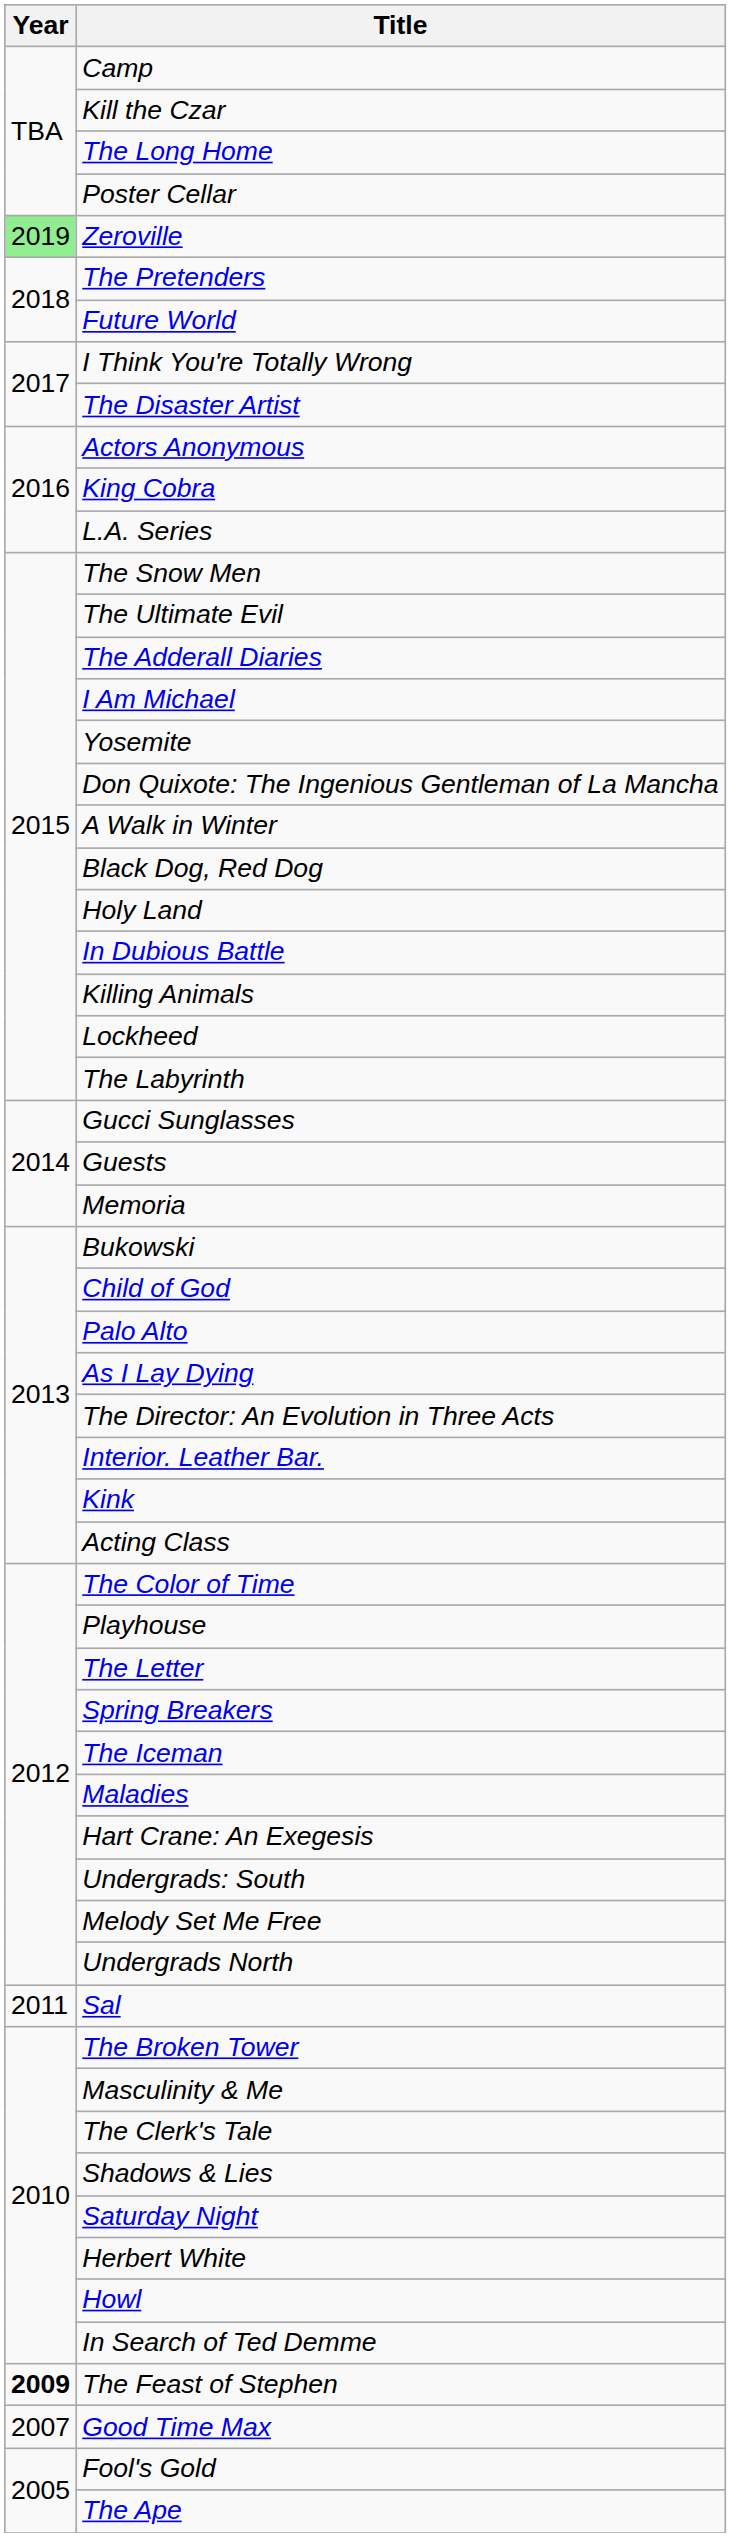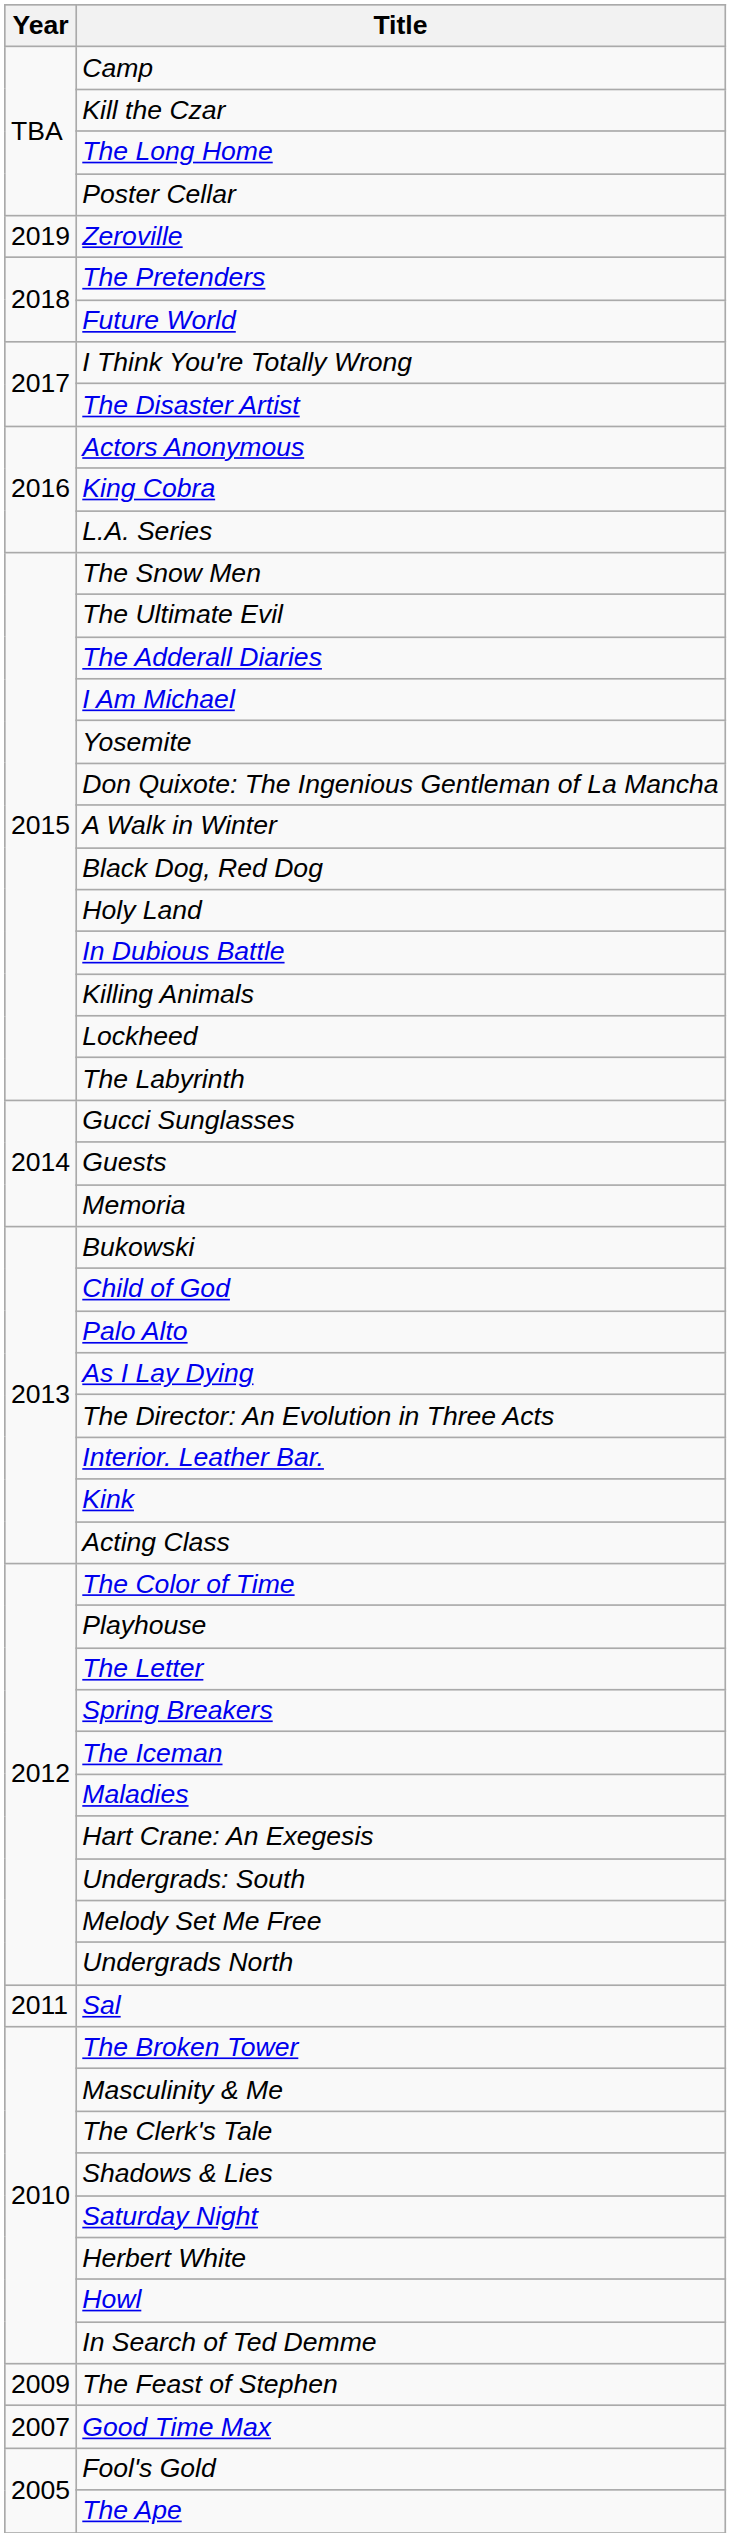 <table class="wikitable sortable">
 <tr>
 <th>Year</th>
 <th>Title</th>
 </tr>
 <tr>
 <td rowspan="4">TBA</td>
 <td><em>Camp</em></td>
 </tr>
 <tr>
 <td><em>Kill the Czar</em></td>
 </tr>
 <tr>
 <td><em><a href='#'>The Long Home</a></em></td>
 </tr>
 <tr>
 <td><em>Poster Cellar</em></td>
 </tr>
 <tr>
-<td style="background: lightgreen;">2019</td>
+<td>2019</td>
 <td><em><a href='#'>Zeroville</a></em></td>
 </tr>
 <tr>
 <td rowspan="2">2018</td>
 <td><em><a href='#'>The Pretenders</a></em></td>
 </tr>
 <tr>
 <td><em><a href='#'>Future World</a></em></td>
 </tr>
 <tr>
 <td rowspan="2">2017</td>
 <td><em>I Think You're Totally Wrong</em></td>
 </tr>
 <tr>
 <td><em><a href='#'>The Disaster Artist</a></em></td>
 </tr>
 <tr>
 <td rowspan="3">2016</td>
 <td><em><a href='#'>Actors Anonymous</a></em></td>
 </tr>
 <tr>
 <td><em><a href='#'>King Cobra</a></em></td>
 </tr>
 <tr>
 <td><em>L.A. Series</em></td>
 </tr>
 <tr>
 <td rowspan="13">2015</td>
 <td><em>The Snow Men</em></td>
 </tr>
 <tr>
 <td><em>The Ultimate Evil</em></td>
 </tr>
 <tr>
 <td><em><a href='#'>The Adderall Diaries</a></em></td>
 </tr>
 <tr>
 <td><em><a href='#'>I Am Michael</a></em></td>
 </tr>
 <tr>
 <td><em>Yosemite</em></td>
 </tr>
 <tr>
 <td><em>Don Quixote: The Ingenious Gentleman of La Mancha</em></td>
 </tr>
 <tr>
 <td><em>A Walk in Winter</em></td>
 </tr>
 <tr>
 <td><em>Black Dog, Red Dog</em></td>
 </tr>
 <tr>
 <td><em>Holy Land</em></td>
 </tr>
 <tr>
 <td><em><a href='#'>In Dubious Battle</a></em></td>
 </tr>
 <tr>
 <td><em>Killing Animals</em></td>
 </tr>
 <tr>
 <td><em>Lockheed</em></td>
 </tr>
 <tr>
 <td><em>The Labyrinth</em></td>
 </tr>
 <tr>
 <td rowspan="3">2014</td>
 <td><em>Gucci Sunglasses</em></td>
 </tr>
 <tr>
 <td><em>Guests</em></td>
 </tr>
 <tr>
 <td><em>Memoria</em></td>
 </tr>
 <tr>
 <td rowspan="8">2013</td>
 <td><em>Bukowski</em></td>
 </tr>
 <tr>
 <td><em><a href='#'>Child of God</a></em></td>
 </tr>
 <tr>
 <td><em><a href='#'>Palo Alto</a></em></td>
 </tr>
 <tr>
 <td><em><a href='#'>As I Lay Dying</a></em></td>
 </tr>
 <tr>
 <td><em>The Director: An Evolution in Three Acts</em></td>
 </tr>
 <tr>
 <td><em><a href='#'>Interior. Leather Bar.</a></em></td>
 </tr>
 <tr>
 <td><em><a href='#'>Kink</a></em></td>
 </tr>
 <tr>
 <td><em>Acting Class</em></td>
 </tr>
 <tr>
 <td rowspan="10">2012</td>
 <td><em><a href='#'>The Color of Time</a></em></td>
 </tr>
 <tr>
 <td><em>Playhouse</em></td>
 </tr>
 <tr>
 <td><em><a href='#'>The Letter</a></em></td>
 </tr>
 <tr>
 <td><em><a href='#'>Spring Breakers</a></em></td>
 </tr>
 <tr>
 <td><em><a href='#'>The Iceman</a></em></td>
 </tr>
 <tr>
 <td><em><a href='#'>Maladies</a></em></td>
 </tr>
 <tr>
 <td><em>Hart Crane: An Exegesis</em></td>
 </tr>
 <tr>
 <td><em>Undergrads: South</em></td>
 </tr>
 <tr>
 <td><em>Melody Set Me Free</em></td>
 </tr>
 <tr>
 <td><em>Undergrads North</em></td>
 </tr>
 <tr>
 <td>2011</td>
 <td><em><a href='#'>Sal</a></em></td>
 </tr>
 <tr>
 <td rowspan="8">2010</td>
 <td><em><a href='#'>The Broken Tower</a></em></td>
 </tr>
 <tr>
 <td><em>Masculinity & Me</em></td>
 </tr>
 <tr>
 <td><em>The Clerk's Tale</em></td>
 </tr>
 <tr>
 <td><em>Shadows & Lies</em></td>
 </tr>
 <tr>
 <td><em><a href='#'>Saturday Night</a></em></td>
 </tr>
 <tr>
 <td><em>Herbert White</em></td>
 </tr>
 <tr>
 <td><em><a href='#'>Howl</a></em></td>
 </tr>
 <tr>
 <td><em>In Search of Ted Demme</em></td>
 </tr>
 <tr>
-<td><strong>2009</strong></td>
+<td>2009</td>
 <td><em>The Feast of Stephen</em></td>
 </tr>
 <tr>
 <td>2007</td>
 <td><em><a href='#'>Good Time Max</a></em></td>
 </tr>
 <tr>
 <td rowspan="2">2005</td>
 <td><em>Fool's Gold</em></td>
 </tr>
 <tr>
 <td><em><a href='#'>The Ape</a></em></td>
 </tr>
 </table>
